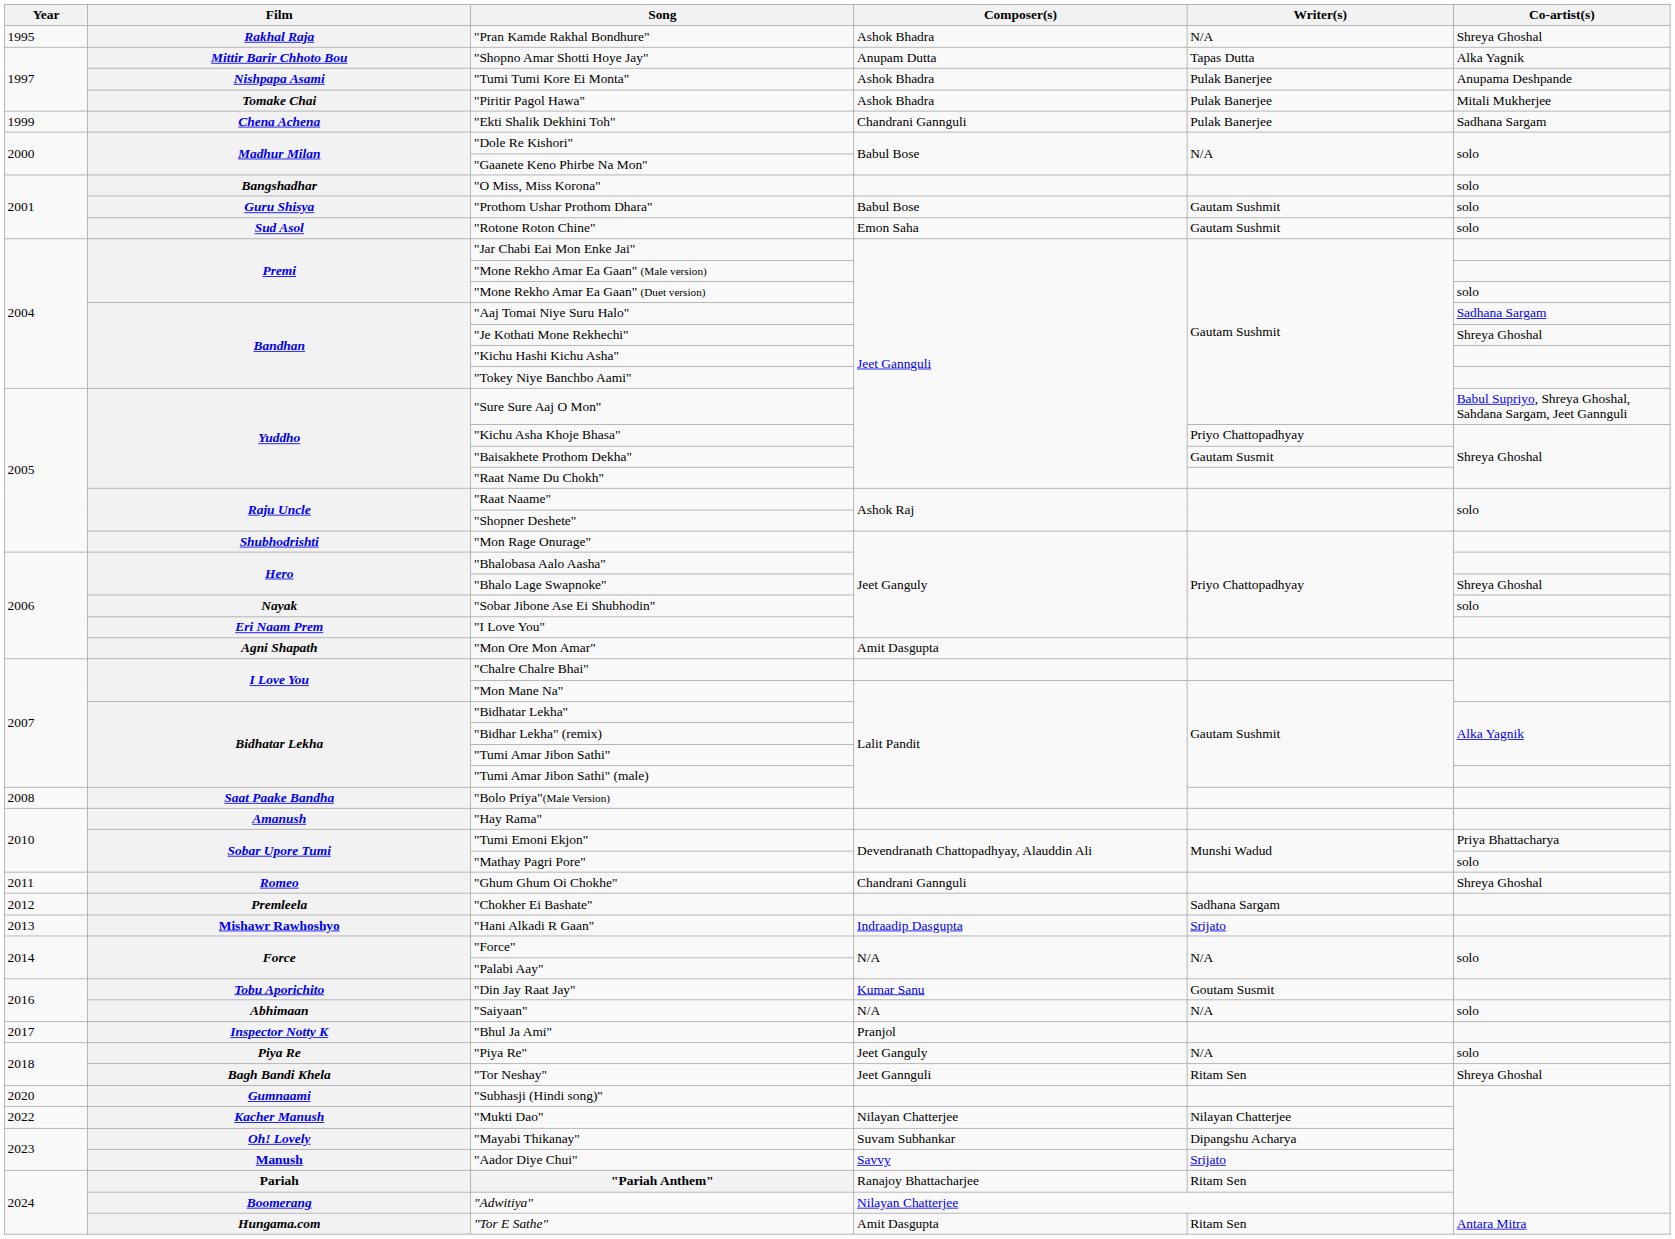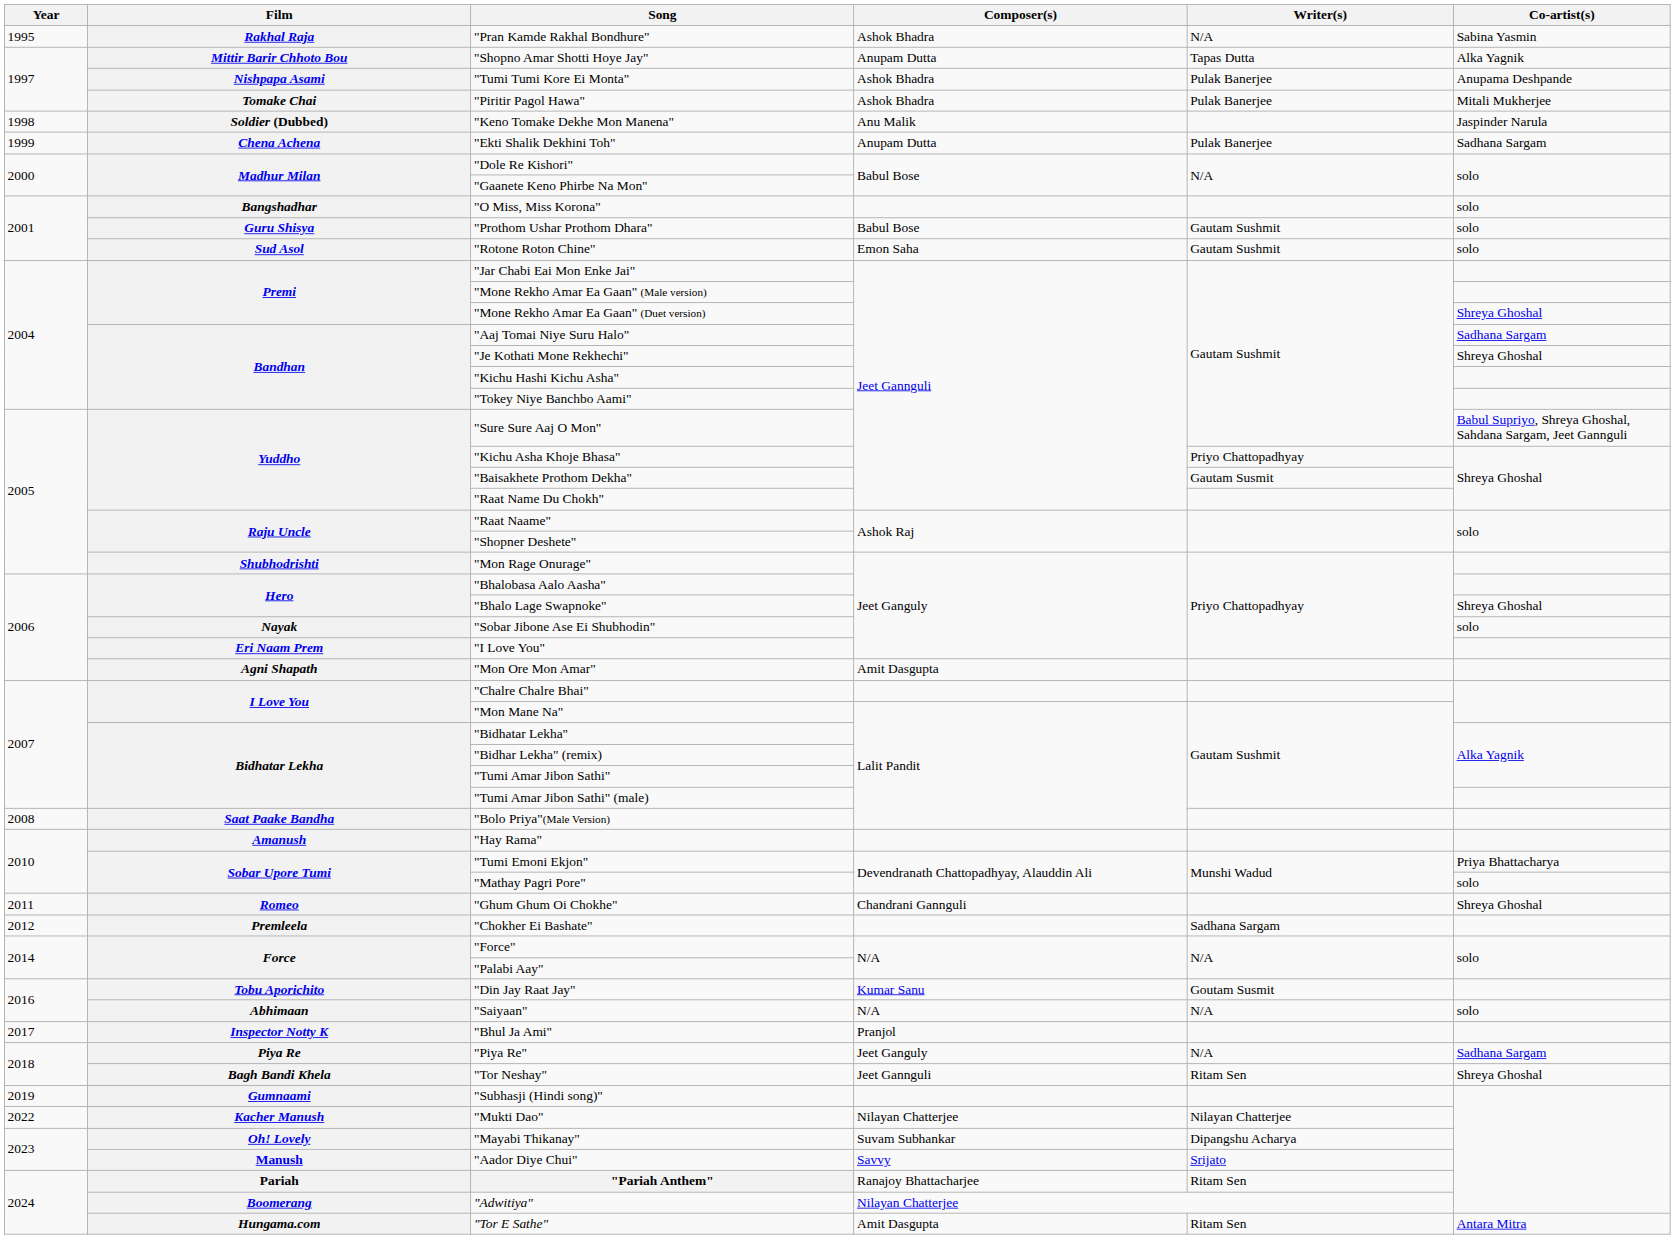 <table class="wikitable plainrowheaders" width="100%" textcolor:#000;">
 <tr style="background:#b0e0e66;">
 <th scope="col" width=5%><strong>Year</strong></th>
 <th scope="col" width=23%><strong>Film</strong></th>
 <th scope="col" width=23%><strong>Song</strong></th>
 <th scope="col" width=20%><strong>Composer(s)</strong></th>
 <th scope="col" width=16%><strong>Writer(s)</strong></th>
 <th scope="col" width=18%><strong>Co-artist(s)</strong></th>
 </tr>
 <tr>
 <td>1995</td>
 <th><em><a href='#'>Rakhal Raja</a></em></th>
 <td>"Pran Kamde Rakhal Bondhure"</td>
 <td>Ashok Bhadra</td>
 <td>N/A</td>
-<td>Shreya Ghoshal</td>
+<td>Sabina Yasmin</td>
 </tr>
 <tr>
 <td rowspan=3>1997</td>
 <th><em><a href='#'>Mittir Barir Chhoto Bou</a></em></th>
 <td>"Shopno Amar Shotti Hoye Jay"</td>
 <td>Anupam Dutta</td>
 <td>Tapas Dutta</td>
 <td>Alka Yagnik</td>
 </tr>
 <tr>
 <th><em><a href='#'>Nishpapa Asami</a></em></th>
 <td>"Tumi Tumi Kore Ei Monta"</td>
 <td>Ashok Bhadra</td>
 <td>Pulak Banerjee</td>
 <td>Anupama Deshpande</td>
 </tr>
 <tr>
 <th><em>Tomake Chai</em></th>
 <td>"Piritir Pagol Hawa"</td>
 <td>Ashok Bhadra</td>
 <td>Pulak Banerjee</td>
 <td>Mitali Mukherjee</td>
 </tr>
 <tr>
+<td>1998</td>
+<th><em>Soldier</em> (Dubbed)</th>
+<td>"Keno Tomake Dekhe Mon Manena"</td>
+<td>Anu Malik</td>
+<td></td>
+<td>Jaspinder Narula</td>
+</tr>
+<tr>
 <td>1999</td>
 <th><em><a href='#'>Chena Achena</a></em></th>
 <td>"Ekti Shalik Dekhini Toh"</td>
-<td>Chandrani Gannguli</td>
+<td>Anupam Dutta</td>
 <td>Pulak Banerjee</td>
 <td>Sadhana Sargam</td>
 </tr>
 <tr>
 <td rowspan=2>2000</td>
 <th rowspan=2><em><a href='#'>Madhur Milan</a></em></th>
 <td>"Dole Re Kishori"</td>
 <td rowspan=2>Babul Bose</td>
 <td rowspan=2>N/A</td>
 <td rowspan=2>solo</td>
 </tr>
 <tr>
 <td>"Gaanete Keno Phirbe Na Mon"</td>
 </tr>
 <tr>
 <td rowspan="3">2001</td>
 <th><em>Bangshadhar</em></th>
 <td>"O Miss, Miss Korona"</td>
 <td></td>
 <td></td>
 <td>solo</td>
 </tr>
 <tr>
 <th><em><a href='#'>Guru Shisya</a></em></th>
 <td>"Prothom Ushar Prothom Dhara"</td>
 <td>Babul Bose</td>
 <td>Gautam Sushmit</td>
 <td>solo</td>
 </tr>
 <tr>
 <th><em><a href='#'>Sud Asol</a></em></th>
 <td>"Rotone Roton Chine"</td>
 <td>Emon Saha</td>
 <td>Gautam Sushmit</td>
 <td>solo</td>
 </tr>
 <tr>
 <td rowspan="7">2004</td>
 <th rowspan="3"><em><a href='#'>Premi</a></em></th>
 <td>"Jar Chabi Eai Mon Enke Jai"</td>
 <td rowspan="11"><a href='#'>Jeet Gannguli</a></td>
 <td rowspan="8">Gautam Sushmit</td>
 <td></td>
 </tr>
 <tr>
 <td>"Mone Rekho Amar Ea Gaan" <small>(Male version)</small></td>
 <td></td>
 </tr>
 <tr>
 <td>"Mone Rekho Amar Ea Gaan" <small>(Duet version)</small></td>
-<td>solo</td>
+<td><a href='#'>Shreya Ghoshal</a></td>
 </tr>
 <tr>
 <th rowspan="4"><em><a href='#'>Bandhan</a></em></th>
 <td>"Aaj Tomai Niye Suru Halo"</td>
 <td><a href='#'>Sadhana Sargam</a></td>
 </tr>
 <tr>
 <td>"Je Kothati Mone Rekhechi"</td>
 <td>Shreya Ghoshal</td>
 </tr>
 <tr>
 <td>"Kichu Hashi Kichu Asha"</td>
 <td></td>
 </tr>
 <tr>
 <td>"Tokey Niye Banchbo Aami"</td>
 <td></td>
 </tr>
 <tr>
 <td rowspan="7">2005</td>
 <th rowspan="4"><em><a href='#'>Yuddho</a></em></th>
 <td>"Sure Sure Aaj O Mon"</td>
 <td><a href='#'>Babul Supriyo</a>, Shreya Ghoshal, Sahdana Sargam, Jeet Gannguli</td>
 </tr>
 <tr>
 <td>"Kichu Asha Khoje Bhasa"</td>
 <td>Priyo Chattopadhyay</td>
 <td rowspan="3">Shreya Ghoshal</td>
 </tr>
 <tr>
 <td>"Baisakhete Prothom Dekha"</td>
 <td>Gautam Susmit</td>
 </tr>
 <tr>
 <td>"Raat Name Du Chokh"</td>
 </tr>
 <tr>
 <th rowspan=2><em><a href='#'>Raju Uncle</a></em></th>
 <td>"Raat Naame"</td>
 <td rowspan=2>Ashok Raj</td>
 <td rowspan=2></td>
 <td rowspan=2>solo</td>
 </tr>
 <tr>
 <td>"Shopner Deshete"</td>
 </tr>
 <tr>
 <th><em><a href='#'>Shubhodrishti</a></em></th>
 <td>"Mon Rage Onurage"</td>
 <td rowspan="5">Jeet Ganguly</td>
 <td rowspan="5">Priyo Chattopadhyay</td>
 <td></td>
 </tr>
 <tr>
 <td rowspan="5">2006</td>
 <th rowspan="2"><em><a href='#'>Hero</a></em></th>
 <td>"Bhalobasa Aalo Aasha"</td>
 <td></td>
 </tr>
 <tr>
 <td>"Bhalo Lage Swapnoke"</td>
 <td>Shreya Ghoshal</td>
 </tr>
 <tr>
 <th><em>Nayak</em></th>
 <td>"Sobar Jibone Ase Ei Shubhodin"</td>
 <td>solo</td>
 </tr>
 <tr>
 <th><em><a href='#'>Eri Naam Prem</a></em></th>
 <td>"I Love You"</td>
 </tr>
 <tr>
 <th><em>Agni Shapath</em></th>
 <td>"Mon Ore Mon Amar"</td>
 <td>Amit Dasgupta</td>
 <td></td>
 <td></td>
 </tr>
 <tr>
 <td rowspan="6">2007</td>
 <th rowspan="2"><em><a href='#'>I Love You</a></em></th>
 <td>"Chalre Chalre Bhai"</td>
 <td></td>
 <td></td>
 <td rowspan="2"></td>
 </tr>
 <tr>
 <td>"Mon Mane Na"</td>
 <td rowspan=6>Lalit Pandit</td>
 <td rowspan="5">Gautam Sushmit</td>
 </tr>
 <tr>
 <th rowspan=4><em>Bidhatar Lekha</em></th>
 <td>"Bidhatar Lekha"</td>
 <td rowspan=3><a href='#'>Alka Yagnik</a></td>
 </tr>
 <tr>
 <td>"Bidhar Lekha" (remix)</td>
 </tr>
 <tr>
 <td>"Tumi Amar Jibon Sathi"</td>
 </tr>
 <tr>
 <td>"Tumi Amar Jibon Sathi" (male)</td>
 <td></td>
 </tr>
 <tr>
 <td>2008</td>
 <th><em><a href='#'>Saat Paake Bandha</a></em></th>
 <td>"Bolo Priya"<small>(Male Version)</small></td>
 <td></td>
 <td></td>
 </tr>
 <tr>
 <td rowspan="3">2010</td>
 <th><em><a href='#'>Amanush</a></em></th>
 <td>"Hay Rama"</td>
 <td></td>
 <td></td>
 <td></td>
 </tr>
 <tr>
 <th rowspan="2"><em><a href='#'>Sobar Upore Tumi</a></em></th>
 <td>"Tumi Emoni Ekjon"</td>
 <td rowspan=2>Devendranath Chattopadhyay, Alauddin Ali</td>
 <td rowspan=2>Munshi Wadud</td>
 <td>Priya Bhattacharya</td>
 </tr>
 <tr>
 <td>"Mathay Pagri Pore"</td>
 <td>solo</td>
 </tr>
 <tr>
 <td>2011</td>
 <th><em><a href='#'>Romeo</a></em></th>
 <td>"Ghum Ghum Oi Chokhe"</td>
 <td>Chandrani Gannguli</td>
 <td></td>
 <td>Shreya Ghoshal</td>
 </tr>
 <tr>
 <td>2012</td>
 <th><em>Premleela</em></th>
 <td>"Chokher Ei Bashate"</td>
 <td></td>
 <td>Sadhana Sargam</td>
 </tr>
 <tr>
-<td>2013</td>
-<th><a href='#'>Mishawr Rawhoshyo</a></th>
-<td>"Hani Alkadi R Gaan"</td>
-<td><a href='#'>Indraadip Dasgupta</a></td>
-<td><a href='#'>Srijato</a></td>
-<td></td>
-</tr>
-<tr>
 <td rowspan=2>2014</td>
 <th rowspan=2><em>Force</em></th>
 <td>"Force"</td>
 <td rowspan=2>N/A</td>
 <td rowspan=2>N/A</td>
 <td rowspan=2>solo</td>
 </tr>
 <tr>
 <td>"Palabi Aay"</td>
 </tr>
 <tr>
 <td rowspan=2>2016</td>
 <th><em><a href='#'>Tobu Aporichito</a></em></th>
 <td>"Din Jay Raat Jay"</td>
 <td><a href='#'>Kumar Sanu</a></td>
 <td>Goutam Susmit</td>
 <td></td>
 </tr>
 <tr>
 <th rowspan=1><em>Abhimaan</em></th>
 <td>"Saiyaan"</td>
 <td rowspan=1>N/A</td>
 <td rowspan=1>N/A</td>
 <td>solo</td>
 </tr>
 <tr>
 <td rowspan ="1">2017</td>
 <th><em><a href='#'>Inspector Notty K</a></em></th>
 <td>"Bhul Ja Ami"</td>
 <td>Pranjol</td>
 <td></td>
 <td></td>
 </tr>
 <tr>
 <td rowspan=2>2018</td>
 <th rowspan=1><em>Piya Re</em></th>
 <td>"Piya Re"</td>
 <td rowspan=1>Jeet Ganguly</td>
 <td rowspan=1>N/A</td>
-<td>solo</td>
+<td><a href='#'>Sadhana Sargam</a></td>
 </tr>
 <tr>
 <th Rowspan=1><em>Bagh Bandi Khela</em></th>
 <td>"Tor Neshay"</td>
 <td rowspan=1>Jeet Gannguli</td>
 <td rowspan=1>Ritam Sen</td>
 <td>Shreya Ghoshal</td>
 </tr>
 <tr>
-<td>2020</td>
+<td>2019</td>
 <th><em><a href='#'>Gumnaami</a></em></th>
 <td>"Subhasji (Hindi song)"</td>
 <td></td>
 <td></td>
 <td rowspan="6"></td>
 </tr>
 <tr>
 <td>2022</td>
 <th><em><a href='#'>Kacher Manush</a></em></th>
 <td>"Mukti Dao"</td>
 <td rowspan=1>Nilayan Chatterjee</td>
 <td rowspan=1>Nilayan Chatterjee</td>
 </tr>
 <tr>
 <td rowspan="2">2023</td>
 <th><em><a href='#'>Oh! Lovely</a></em></th>
 <td>"Mayabi Thikanay"</td>
 <td>Suvam Subhankar</td>
 <td>Dipangshu Acharya</td>
 </tr>
 <tr>
 <th><a href='#'>Manush</a></th>
 <td>"Aador Diye Chui"</td>
 <td><a href='#'>Savvy</a></td>
 <td><a href='#'>Srijato</a></td>
 </tr>
 <tr>
 <td rowspan="3">2024</td>
 <th>Pariah</th>
 <th>"Pariah Anthem"</th>
 <td>Ranajoy Bhattacharjee</td>
 <td>Ritam Sen</td>
 </tr>
 <tr>
 <th><a href='#'><em>Boomerang</em></a></th>
 <td><em>"Adwitiya"</em></td>
 <td colspan="2"><a href='#'>Nilayan Chatterjee</a></td>
 </tr>
 <tr>
 <th><em>Hungama.com</em></th>
 <td><em>"Tor E Sathe"</em></td>
 <td>Amit Dasgupta</td>
 <td>Ritam Sen</td>
 <td><a href='#'>Antara Mitra</a></td>
 </tr>
 </table>
